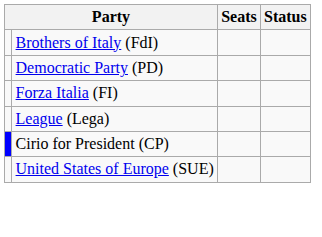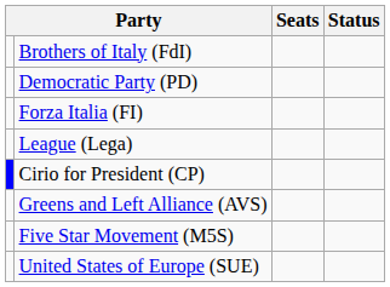 <table class=wikitable>
 <tr>
 <th colspan=2>Party</th>
 <th>Seats</th>
 <th>Status</th>
 </tr>
 <tr>
 <td style="color:inherit;background:"></td>
 <td><a href='#'>Brothers of Italy</a> (FdI)</td>
 <td></td>
 <td></td>
 </tr>
 <tr>
 <td style="color:inherit;background:"></td>
 <td><a href='#'>Democratic Party</a> (PD)</td>
 <td></td>
 <td></td>
 </tr>
 <tr>
 <td style="color:inherit;background:"></td>
 <td><a href='#'>Forza Italia</a> (FI)</td>
 <td></td>
 <td></td>
 </tr>
 <tr>
 <td style="color:inherit;background:"></td>
 <td><a href='#'>League</a> (Lega)</td>
 <td></td>
 <td></td>
 </tr>
 <tr>
 <td style="color:inherit;background:blue"></td>
 <td>Cirio for President (CP)</td>
 <td></td>
 <td></td>
 </tr>
 <tr>
 <td style="color:inherit;background:"></td>
+<td><a href='#'>Greens and Left Alliance</a> (AVS)</td>
+<td></td>
+<td></td>
+</tr>
+<tr>
+<td style="color:inherit;background:"></td>
+<td><a href='#'>Five Star Movement</a> (M5S)</td>
+<td></td>
+<td></td>
+</tr>
+<tr>
+<td style="color:inherit;background:"></td>
 <td><a href='#'>United States of Europe</a> (SUE)</td>
 <td></td>
 <td></td>
 </tr>
 </table>
